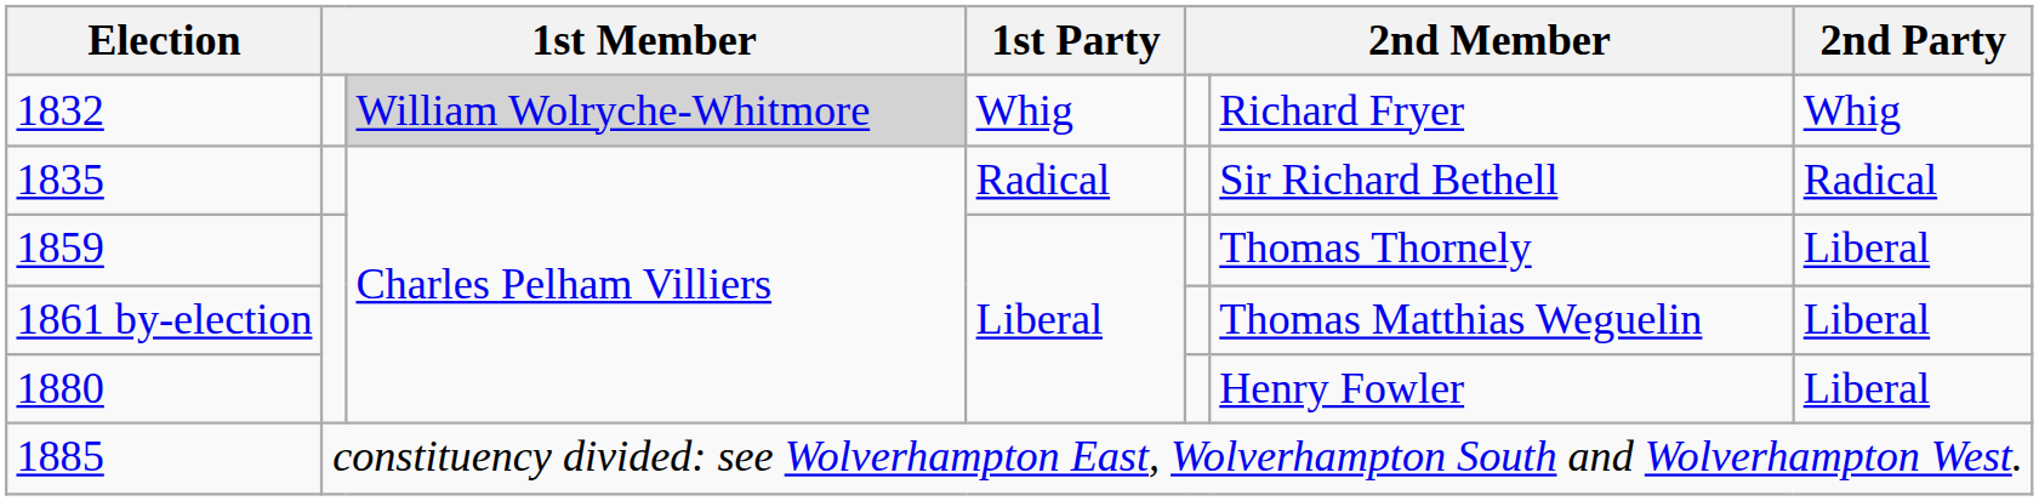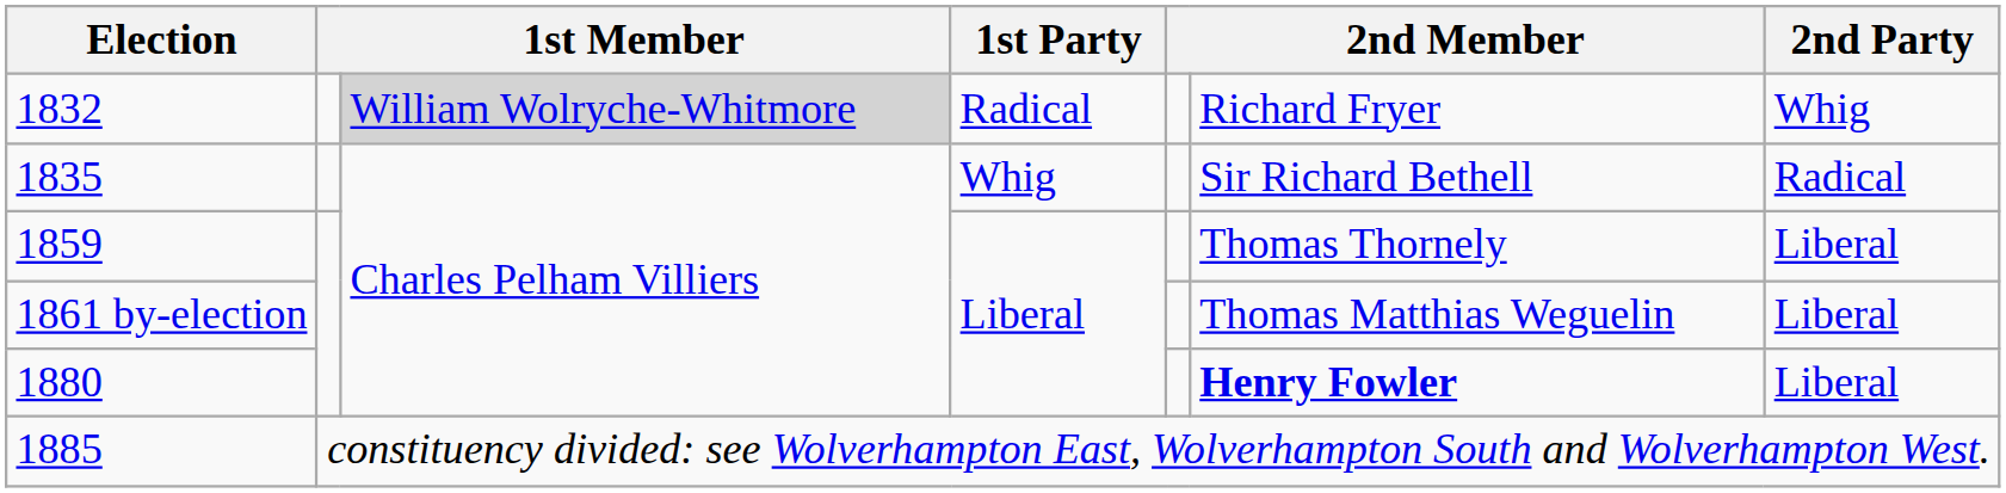 <table class="wikitable">
 <tr>
 <th>Election</th>
 <th colspan="2">1st Member</th>
 <th>1st Party</th>
 <th colspan="2">2nd Member</th>
 <th>2nd Party</th>
 </tr>
 <tr>
 <td><a href='#'>1832</a></td>
 <td style="color:inherit;background-color: "></td>
 <td style="background: lightgrey;"><a href='#'>William Wolryche-Whitmore</a></td>
-<td><a href='#'>Whig</a></td>
+<td><a href='#'>Radical</a></td>
 <td style="color:inherit;background-color: "></td>
 <td><a href='#'>Richard Fryer</a></td>
 <td><a href='#'>Whig</a></td>
 </tr>
 <tr>
 <td><a href='#'>1835</a></td>
 <td style="color:inherit;background-color: "></td>
 <td rowspan="4"><a href='#'>Charles Pelham Villiers</a></td>
-<td><a href='#'>Radical</a></td>
+<td><a href='#'>Whig</a></td>
 <td style="color:inherit;background-color: "></td>
 <td><a href='#'>Sir Richard Bethell</a></td>
 <td><a href='#'>Radical</a></td>
 </tr>
 <tr>
 <td><a href='#'>1859</a></td>
 <td rowspan="3" style="color:inherit;background-color: "></td>
 <td rowspan="3"><a href='#'>Liberal</a></td>
 <td style="color:inherit;background-color: "></td>
 <td><a href='#'>Thomas Thornely</a></td>
 <td><a href='#'>Liberal</a></td>
 </tr>
 <tr>
 <td><a href='#'>1861 by-election</a></td>
 <td style="color:inherit;background-color: "></td>
 <td><a href='#'>Thomas Matthias Weguelin</a></td>
 <td><a href='#'>Liberal</a></td>
 </tr>
 <tr>
 <td><a href='#'>1880</a></td>
 <td style="color:inherit;background-color: "></td>
-<td><a href='#'>Henry Fowler</a></td>
+<td><strong><a href='#'>Henry Fowler</a></strong></td>
 <td><a href='#'>Liberal</a></td>
 </tr>
 <tr>
 <td><a href='#'>1885</a></td>
 <td colspan="6"><em>constituency divided: see <a href='#'>Wolverhampton East</a>, <a href='#'>Wolverhampton South</a> and <a href='#'>Wolverhampton West</a>.</em></td>
 </tr>
 </table>
